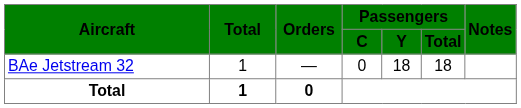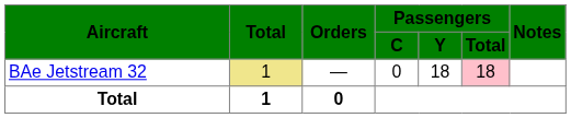 <table class="toccolours" border="1" cellpadding="3" style="border-collapse:collapse">
 <tr style="background:Green;">
 <th style="width:150pt;" rowspan="2"><span>Aircraft</span></th>
 <th style="width:45pt;" rowspan="2"><span>Total</span></th>
 <th style="width:45pt;" rowspan="2"><span>Orders</span></th>
 <th colspan="3"><span>Passengers</span></th>
 <th rowspan="2"><span>Notes</span></th>
 </tr>
 <tr style="background:Green;">
 <th style="width:33px;"><abbr><span>C</span></abbr></th>
 <th style="width:33px;"><abbr><span>Y</span></abbr></th>
 <th style="width:33px;"><span>Total</span></th>
 </tr>
 <tr>
 <td><a href='#'>BAe Jetstream 32</a></td>
-<td align=center>1</td>
+<td align=center style="background: khaki;">1</td>
 <td align=center>—</td>
 <td align=center>0</td>
 <td align=center>18</td>
-<td align=center>18</td>
+<td align=center style="background: pink;">18</td>
 <td></td>
 </tr>
 <tr>
 <td align=center><strong>Total</strong></td>
 <td align=center><strong>1</strong></td>
 <td align=center><strong>0</strong></td>
 <td colspan="4"></td>
 </tr>
 </table>
